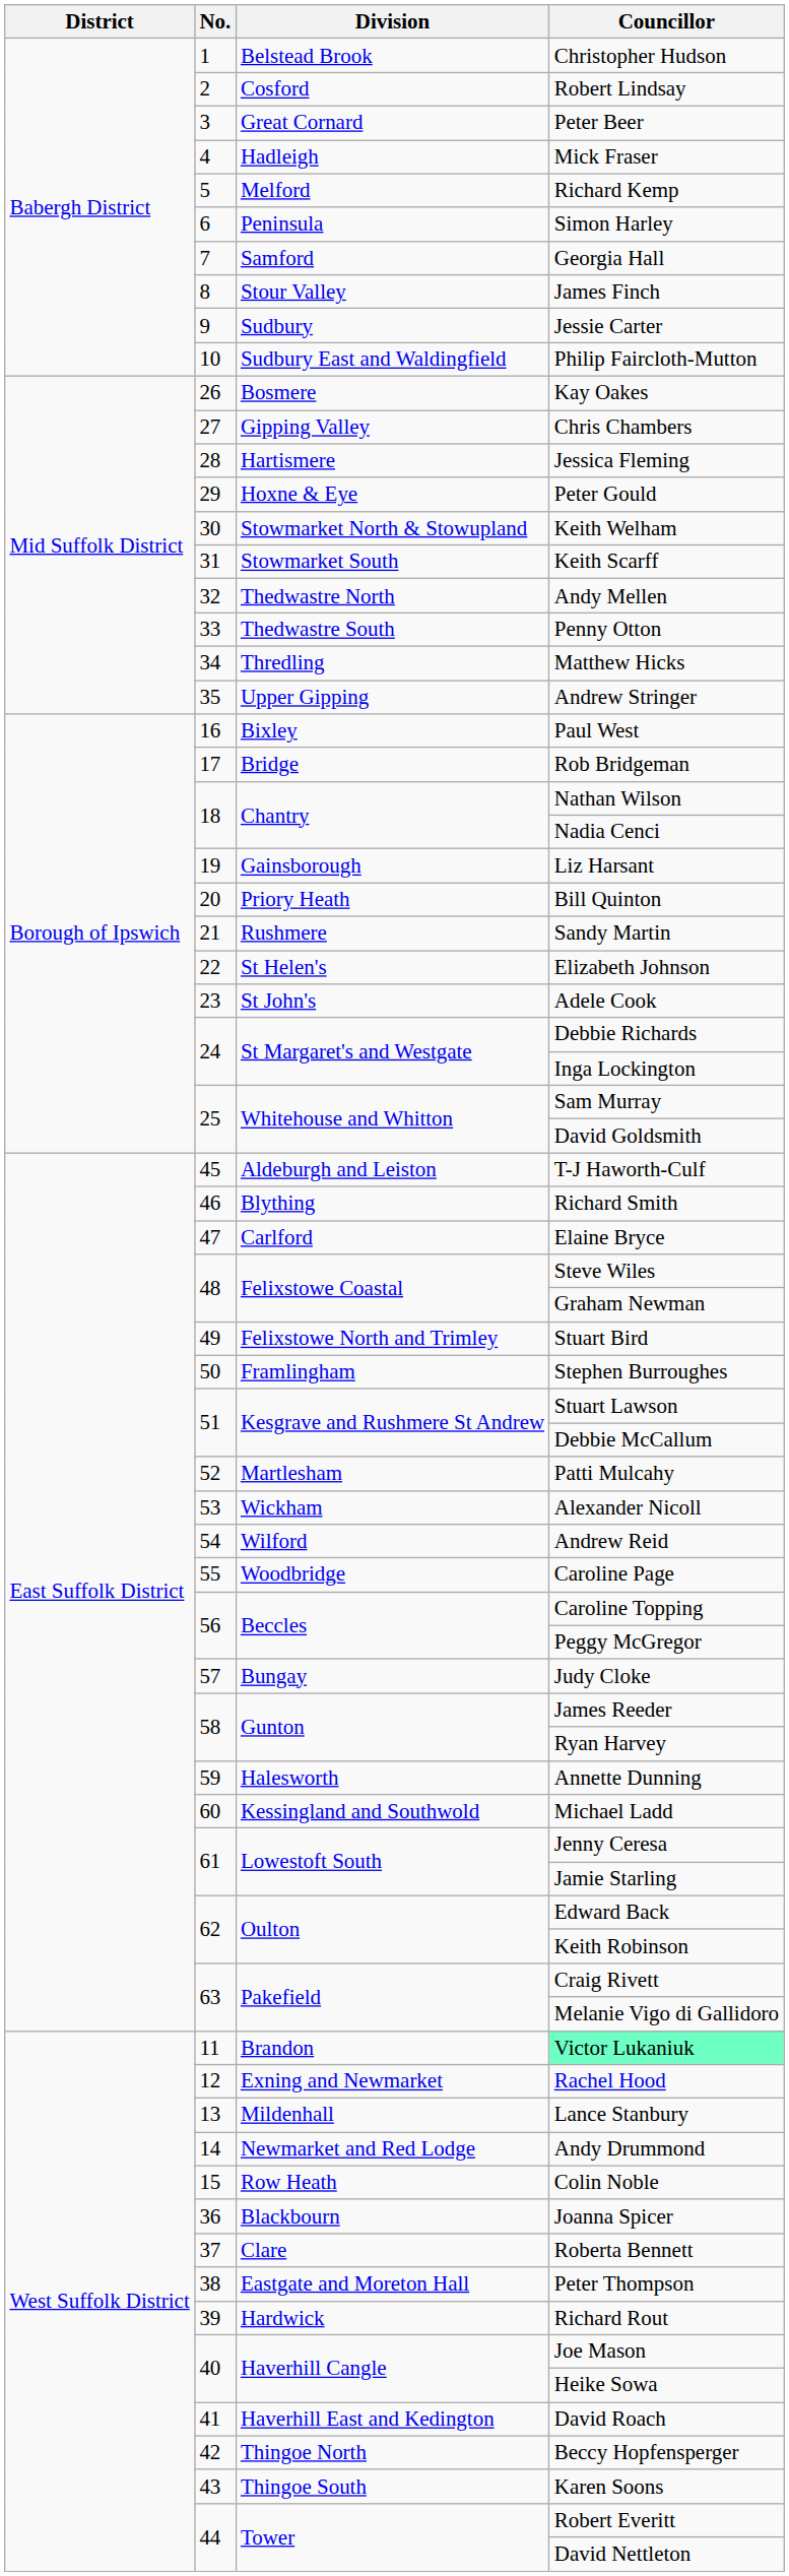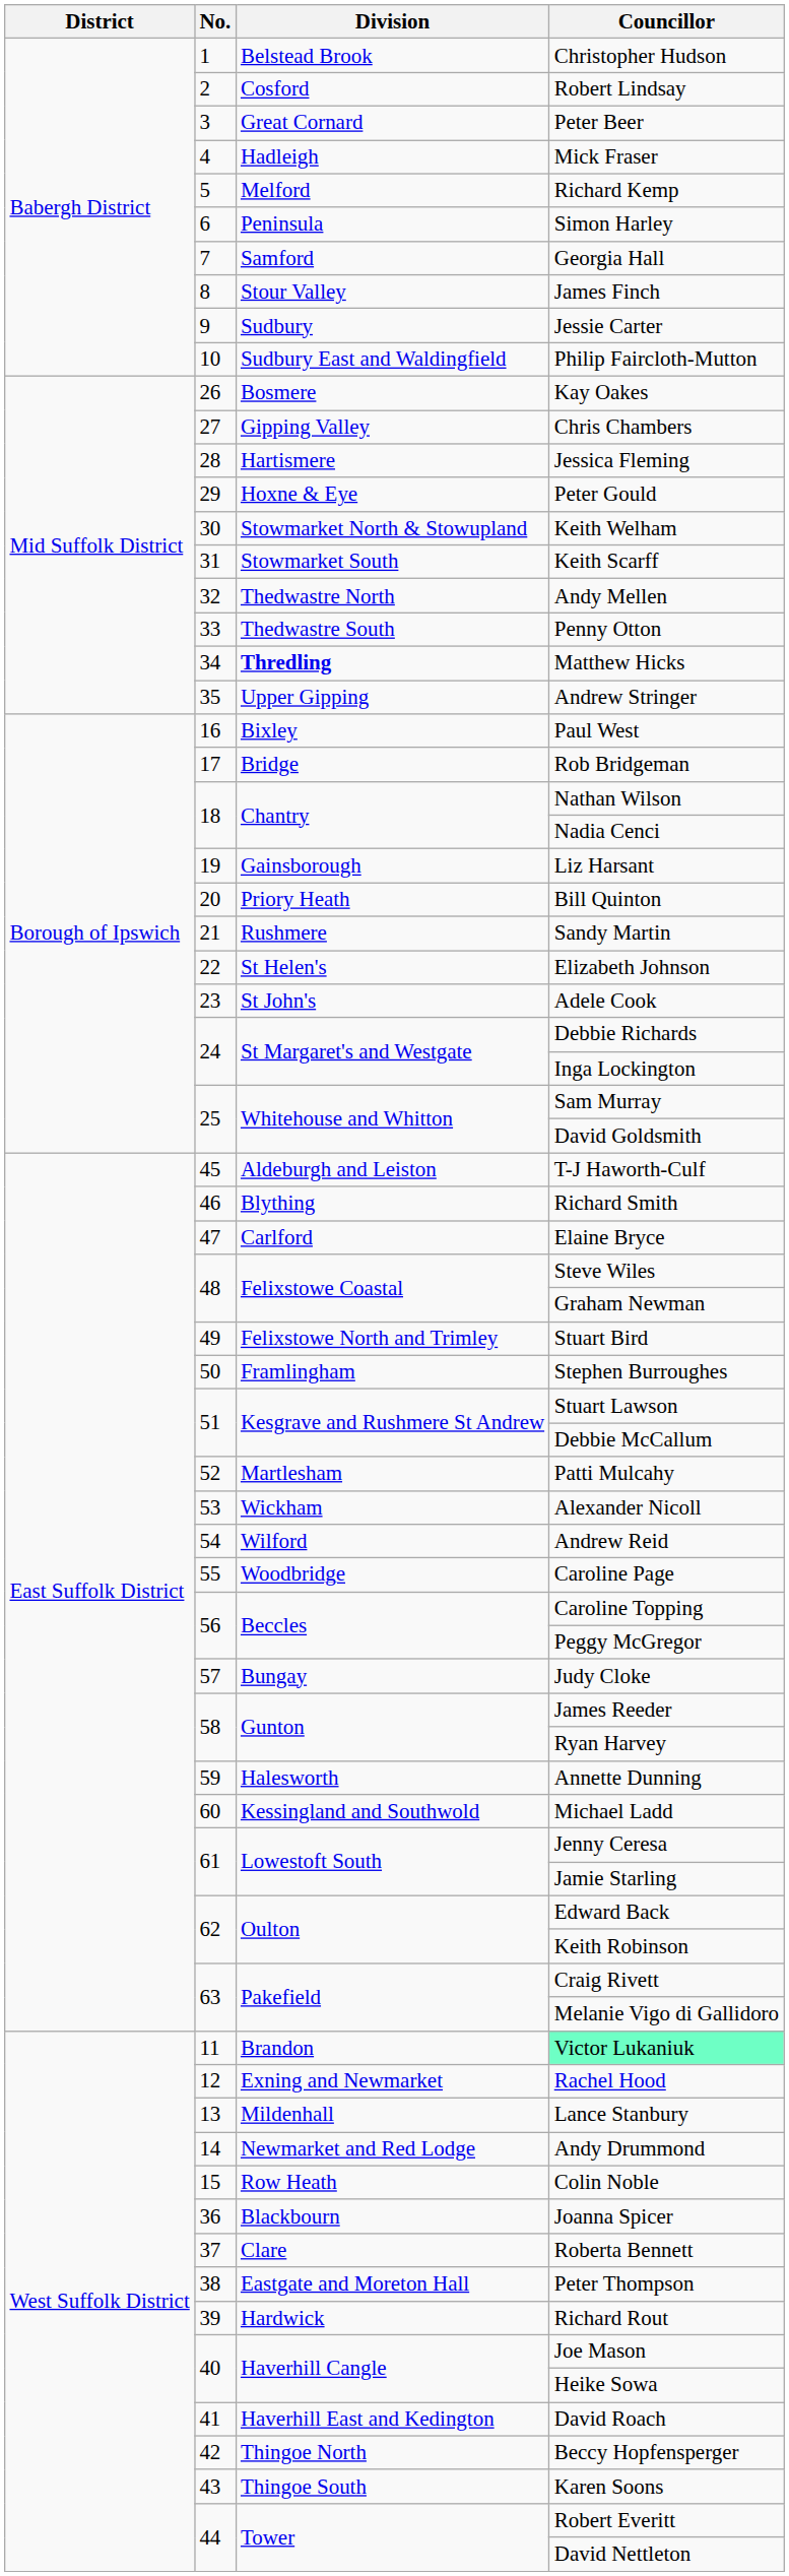 <table class="wikitable">
 <tr>
 <th>District</th>
 <th>No.</th>
 <th>Division</th>
 <th>Councillor</th>
 </tr>
 <tr>
 <td rowspan=10><a href='#'>Babergh District</a></td>
 <td>1</td>
 <td><a href='#'>Belstead Brook</a></td>
 <td ! style="background-color:">Christopher Hudson</td>
 </tr>
 <tr>
 <td>2</td>
 <td><a href='#'>Cosford</a></td>
 <td ! style="background-color:">Robert Lindsay</td>
 </tr>
 <tr>
 <td>3</td>
 <td><a href='#'>Great Cornard</a></td>
 <td ! style="background-color:">Peter Beer</td>
 </tr>
 <tr>
 <td>4</td>
 <td><a href='#'>Hadleigh</a></td>
 <td ! style="background-color:">Mick Fraser</td>
 </tr>
 <tr>
 <td>5</td>
 <td><a href='#'>Melford</a></td>
 <td ! style="background-color:">Richard Kemp</td>
 </tr>
 <tr>
 <td>6</td>
 <td><a href='#'>Peninsula</a></td>
 <td ! style="background-color:">Simon Harley</td>
 </tr>
 <tr>
 <td>7</td>
 <td><a href='#'>Samford</a></td>
 <td ! style="background-color:">Georgia Hall</td>
 </tr>
 <tr>
 <td>8</td>
 <td><a href='#'>Stour Valley</a></td>
 <td ! style="background-color:">James Finch</td>
 </tr>
 <tr>
 <td>9</td>
 <td><a href='#'>Sudbury</a></td>
 <td ! style="background-color:">Jessie Carter</td>
 </tr>
 <tr>
 <td>10</td>
 <td><a href='#'>Sudbury East and Waldingfield</a></td>
 <td ! style="background-color:">Philip Faircloth-Mutton</td>
 </tr>
 <tr>
 <td rowspan=10><a href='#'>Mid Suffolk District</a></td>
 <td>26</td>
 <td><a href='#'>Bosmere</a></td>
 <td ! style="background-color:">Kay Oakes</td>
 </tr>
 <tr>
 <td>27</td>
 <td><a href='#'>Gipping Valley</a></td>
 <td ! style="background-color:">Chris Chambers</td>
 </tr>
 <tr>
 <td>28</td>
 <td><a href='#'>Hartismere</a></td>
 <td ! style="background-color:">Jessica Fleming</td>
 </tr>
 <tr>
 <td>29</td>
 <td><a href='#'>Hoxne & Eye</a></td>
 <td ! style="background-color:">Peter Gould</td>
 </tr>
 <tr>
 <td>30</td>
 <td><a href='#'>Stowmarket North & Stowupland</a></td>
 <td ! style="background-color:">Keith Welham</td>
 </tr>
 <tr>
 <td>31</td>
 <td><a href='#'>Stowmarket South</a></td>
 <td ! style="background-color:">Keith Scarff</td>
 </tr>
 <tr>
 <td>32</td>
 <td><a href='#'>Thedwastre North</a></td>
 <td ! style="background-color:">Andy Mellen</td>
 </tr>
 <tr>
 <td>33</td>
 <td><a href='#'>Thedwastre South</a></td>
 <td ! style="background-color:">Penny Otton</td>
 </tr>
 <tr>
 <td>34</td>
-<td><a href='#'>Thredling</a></td>
+<td><strong><a href='#'>Thredling</a></strong></td>
 <td ! style="background-color:">Matthew Hicks</td>
 </tr>
 <tr>
 <td>35</td>
 <td><a href='#'>Upper Gipping</a></td>
 <td ! style="background-color:">Andrew Stringer</td>
 </tr>
 <tr>
 <td rowspan=13><a href='#'>Borough of Ipswich</a></td>
 <td>16</td>
 <td><a href='#'>Bixley</a></td>
 <td ! style="background-color:">Paul West</td>
 </tr>
 <tr>
 <td>17</td>
 <td><a href='#'>Bridge</a></td>
 <td ! style="background-color:">Rob Bridgeman</td>
 </tr>
 <tr>
 <td rowspan=2>18</td>
 <td rowspan=2><a href='#'>Chantry</a></td>
 <td ! style="background-color:">Nathan Wilson</td>
 </tr>
 <tr>
 <td ! style="background-color:">Nadia Cenci</td>
 </tr>
 <tr>
 <td>19</td>
 <td><a href='#'>Gainsborough</a></td>
 <td ! style="background-color:">Liz Harsant</td>
 </tr>
 <tr>
 <td>20</td>
 <td><a href='#'>Priory Heath</a></td>
 <td ! style="background-color:">Bill Quinton</td>
 </tr>
 <tr>
 <td>21</td>
 <td><a href='#'>Rushmere</a></td>
 <td ! style="background-color:">Sandy Martin</td>
 </tr>
 <tr>
 <td>22</td>
 <td><a href='#'>St Helen's</a></td>
 <td ! style="background-color:">Elizabeth Johnson</td>
 </tr>
 <tr>
 <td>23</td>
 <td><a href='#'>St John's</a></td>
 <td ! style="background-color:">Adele Cook</td>
 </tr>
 <tr>
 <td rowspan=2>24</td>
 <td rowspan=2><a href='#'>St Margaret's and Westgate</a></td>
 <td ! style="background-color:">Debbie Richards</td>
 </tr>
 <tr>
 <td ! style="background-color:">Inga Lockington</td>
 </tr>
 <tr>
 <td rowspan=2>25</td>
 <td rowspan=2><a href='#'>Whitehouse and Whitton</a></td>
 <td ! style="background-color:">Sam Murray</td>
 </tr>
 <tr>
 <td ! style="background-color:">David Goldsmith</td>
 </tr>
 <tr>
 <td rowspan=26><a href='#'>East Suffolk District</a></td>
 <td>45</td>
 <td><a href='#'>Aldeburgh and Leiston</a></td>
 <td ! style="background-color:">T-J Haworth-Culf</td>
 </tr>
 <tr>
 <td>46</td>
 <td><a href='#'>Blything</a></td>
 <td ! style="background-color:">Richard Smith</td>
 </tr>
 <tr>
 <td>47</td>
 <td><a href='#'>Carlford</a></td>
 <td ! style="background-color:">Elaine Bryce</td>
 </tr>
 <tr>
 <td rowspan=2>48</td>
 <td rowspan=2><a href='#'>Felixstowe Coastal</a></td>
 <td ! style="background-color:">Steve Wiles</td>
 </tr>
 <tr>
 <td ! style="background-color:">Graham Newman</td>
 </tr>
 <tr>
 <td>49</td>
 <td><a href='#'>Felixstowe North and Trimley</a></td>
 <td ! style="background-color:">Stuart Bird</td>
 </tr>
 <tr>
 <td>50</td>
 <td><a href='#'>Framlingham</a></td>
 <td ! style="background-color:">Stephen Burroughes</td>
 </tr>
 <tr>
 <td rowspan=2>51</td>
 <td rowspan=2><a href='#'>Kesgrave and Rushmere St Andrew</a></td>
 <td ! style="background-color:">Stuart Lawson</td>
 </tr>
 <tr>
 <td ! style="background-color:">Debbie McCallum</td>
 </tr>
 <tr>
 <td>52</td>
 <td><a href='#'>Martlesham</a></td>
 <td ! style="background-color:">Patti Mulcahy</td>
 </tr>
 <tr>
 <td>53</td>
 <td><a href='#'>Wickham</a></td>
 <td ! style="background-color:">Alexander Nicoll</td>
 </tr>
 <tr>
 <td>54</td>
 <td><a href='#'>Wilford</a></td>
 <td ! style="background-color:">Andrew Reid</td>
 </tr>
 <tr>
 <td>55</td>
 <td><a href='#'>Woodbridge</a></td>
 <td ! style="background-color:">Caroline Page</td>
 </tr>
 <tr>
 <td rowspan=2>56</td>
 <td rowspan=2><a href='#'>Beccles</a></td>
 <td ! style="background-color:">Caroline Topping</td>
 </tr>
 <tr>
 <td ! style="background-color:">Peggy McGregor</td>
 </tr>
 <tr>
 <td>57</td>
 <td><a href='#'>Bungay</a></td>
 <td ! style="background-color:">Judy Cloke</td>
 </tr>
 <tr>
 <td rowspan=2>58</td>
 <td rowspan=2><a href='#'>Gunton</a></td>
 <td ! style="background-color:">James Reeder</td>
 </tr>
 <tr>
 <td ! style="background-color:">Ryan Harvey</td>
 </tr>
 <tr>
 <td>59</td>
 <td><a href='#'>Halesworth</a></td>
 <td ! style="background-color:">Annette Dunning</td>
 </tr>
 <tr>
 <td>60</td>
 <td><a href='#'>Kessingland and Southwold</a></td>
 <td ! style="background-color:">Michael Ladd</td>
 </tr>
 <tr>
 <td rowspan=2>61</td>
 <td rowspan=2><a href='#'>Lowestoft South</a></td>
 <td ! style="background-color:">Jenny Ceresa</td>
 </tr>
 <tr>
 <td ! style="background-color:">Jamie Starling</td>
 </tr>
 <tr>
 <td rowspan=2>62</td>
 <td rowspan=2><a href='#'>Oulton</a></td>
 <td ! style="background-color:">Edward Back</td>
 </tr>
 <tr>
 <td ! style="background-color:">Keith Robinson</td>
 </tr>
 <tr>
 <td rowspan=2>63</td>
 <td rowspan=2><a href='#'>Pakefield</a></td>
 <td ! style="background-color:">Craig Rivett</td>
 </tr>
 <tr>
 <td ! style="background-color:">Melanie Vigo di Gallidoro</td>
 </tr>
 <tr>
 <td rowspan=26><a href='#'>West Suffolk District</a></td>
 <td>11</td>
 <td><a href='#'>Brandon</a></td>
 <td ! style="background-color:#6EFFC5; color:black">Victor Lukaniuk</td>
 </tr>
 <tr>
 <td>12</td>
 <td><a href='#'>Exning and Newmarket</a></td>
 <td ! style="background-color:"><a href='#'>Rachel Hood</a></td>
 </tr>
 <tr>
 <td>13</td>
 <td><a href='#'>Mildenhall</a></td>
 <td ! style="background-color:">Lance Stanbury</td>
 </tr>
 <tr>
 <td>14</td>
 <td><a href='#'>Newmarket and Red Lodge</a></td>
 <td ! style="background-color:">Andy Drummond</td>
 </tr>
 <tr>
 <td>15</td>
 <td><a href='#'>Row Heath</a></td>
 <td ! style="background-color:">Colin Noble</td>
 </tr>
 <tr>
 <td>36</td>
 <td><a href='#'>Blackbourn</a></td>
 <td ! style="background-color:">Joanna Spicer</td>
 </tr>
 <tr>
 <td>37</td>
 <td><a href='#'>Clare</a></td>
 <td ! style="background-color:">Roberta Bennett</td>
 </tr>
 <tr>
 <td>38</td>
 <td><a href='#'>Eastgate and Moreton Hall</a></td>
 <td ! style="background-color:">Peter Thompson</td>
 </tr>
 <tr>
 <td>39</td>
 <td><a href='#'>Hardwick</a></td>
 <td ! style="background-color:">Richard Rout</td>
 </tr>
 <tr>
 <td rowspan=2>40</td>
 <td rowspan=2><a href='#'>Haverhill Cangle</a></td>
 <td ! style="background-color:">Joe Mason</td>
 </tr>
 <tr>
 <td ! style="background-color:">Heike Sowa</td>
 </tr>
 <tr>
 <td>41</td>
 <td><a href='#'>Haverhill East and Kedington</a></td>
 <td ! style="background-color:">David Roach</td>
 </tr>
 <tr>
 <td>42</td>
 <td><a href='#'>Thingoe North</a></td>
 <td ! style="background-color:">Beccy Hopfensperger</td>
 </tr>
 <tr>
 <td>43</td>
 <td><a href='#'>Thingoe South</a></td>
 <td ! style="background-color:">Karen Soons</td>
 </tr>
 <tr>
 <td rowspan=2>44</td>
 <td rowspan=2><a href='#'>Tower</a></td>
 <td ! style="background-color:">Robert Everitt</td>
 </tr>
 <tr>
 <td ! style="background-color:">David Nettleton</td>
 </tr>
 <tr>
 </tr>
 </table>
